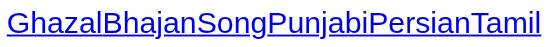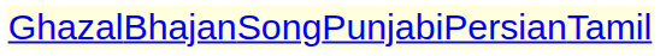 <table id="toc" class="toc" summary="Class">
 <tr>
 <th></th>
 </tr>
 <tr>
-<td style="text-align:center;"><a href='#'>Ghazal</a><a href='#'>Bhajan</a><a href='#'>Song</a><a href='#'>Punjabi</a><a href='#'>Persian</a><a href='#'>Tamil</a></td>
+<td style="background: lightyellow; text-align:center;"><a href='#'>Ghazal</a><a href='#'>Bhajan</a><a href='#'>Song</a><a href='#'>Punjabi</a><a href='#'>Persian</a><a href='#'>Tamil</a></td>
 </tr>
 </table>
